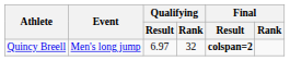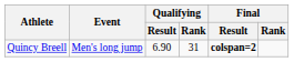 <table class=wikitable style="text-align:center; font-size:90%">
 <tr>
 <th rowspan=2>Athlete</th>
 <th rowspan=2>Event</th>
 <th colspan=2>Qualifying</th>
 <th colspan=2>Final</th>
 </tr>
 <tr>
 <th>Result</th>
 <th>Rank</th>
 <th>Result</th>
 <th>Rank</th>
 </tr>
 <tr>
 <td><a href='#'>Quincy Breell</a></td>
 <td><a href='#'>Men's long jump</a></td>
-<td>6.97</td>
-<td>32</td>
+<td>6.90</td>
+<td>31</td>
 <td><strong>colspan=2</strong></td>
 </tr>
 </table>
